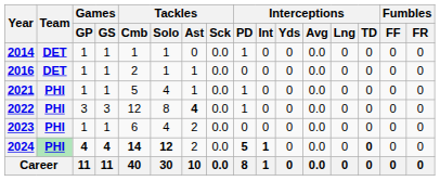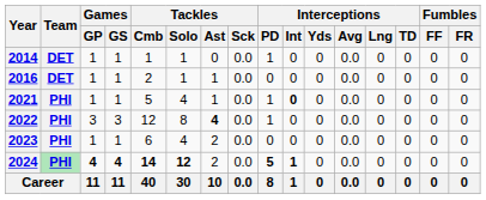 <table class= "wikitable" style="text-align: center;">
 <tr>
 <th rowspan="2">Year</th>
 <th rowspan="2">Team</th>
 <th colspan="2">Games</th>
 <th colspan="4">Tackles</th>
 <th colspan="6">Interceptions</th>
 <th colspan="2">Fumbles</th>
 </tr>
 <tr>
 <th>GP</th>
 <th>GS</th>
 <th>Cmb</th>
 <th>Solo</th>
 <th>Ast</th>
 <th>Sck</th>
 <th>PD</th>
 <th>Int</th>
 <th>Yds</th>
 <th>Avg</th>
 <th>Lng</th>
 <th>TD</th>
 <th>FF</th>
 <th>FR</th>
 </tr>
 <tr>
 <th><a href='#'>2014</a></th>
 <th><a href='#'>DET</a></th>
 <td>1</td>
 <td>1</td>
 <td>1</td>
 <td>1</td>
 <td>0</td>
 <td>0.0</td>
 <td>1</td>
 <td>0</td>
 <td>0</td>
 <td>0.0</td>
 <td>0</td>
 <td>0</td>
 <td>0</td>
 <td>0</td>
 </tr>
 <tr>
 <th><a href='#'>2016</a></th>
 <th><a href='#'>DET</a></th>
 <td>1</td>
 <td>1</td>
 <td>2</td>
 <td>1</td>
 <td>1</td>
 <td>0.0</td>
 <td>0</td>
 <td>0</td>
 <td>0</td>
 <td>0.0</td>
 <td>0</td>
 <td>0</td>
 <td>0</td>
 <td>0</td>
 </tr>
 <tr>
 <th><a href='#'>2021</a></th>
 <th><a href='#'>PHI</a></th>
 <td>1</td>
 <td>1</td>
 <td>5</td>
 <td>4</td>
 <td>1</td>
 <td>0.0</td>
 <td>1</td>
-<td>0</td>
+<td><strong>0</strong></td>
 <td>0</td>
 <td>0.0</td>
 <td>0</td>
 <td>0</td>
 <td>0</td>
 <td>0</td>
 </tr>
 <tr>
 <th><a href='#'>2022</a></th>
 <th><a href='#'>PHI</a></th>
 <td>3</td>
 <td>3</td>
 <td>12</td>
 <td>8</td>
 <td><strong>4</strong></td>
 <td>0.0</td>
 <td>1</td>
 <td>0</td>
 <td>0</td>
 <td>0.0</td>
 <td>0</td>
 <td>0</td>
 <td>0</td>
 <td>0</td>
 </tr>
 <tr>
 <th><a href='#'>2023</a></th>
 <th><a href='#'>PHI</a></th>
 <td>1</td>
 <td>1</td>
 <td>6</td>
 <td>4</td>
 <td>2</td>
 <td>0.0</td>
 <td>0</td>
 <td>0</td>
 <td>0</td>
 <td>0.0</td>
 <td>0</td>
 <td>0</td>
 <td>0</td>
 <td>0</td>
 </tr>
 <tr>
 <th><a href='#'>2024</a></th>
 <th style="background:#afe6ba;"><a href='#'>PHI</a></th>
 <td><strong>4</strong></td>
 <td><strong>4</strong></td>
 <td><strong>14</strong></td>
 <td><strong>12</strong></td>
 <td>2</td>
 <td>0.0</td>
 <td><strong>5</strong></td>
 <td><strong>1</strong></td>
 <td>0</td>
 <td>0.0</td>
 <td>0</td>
-<td><strong>0</strong></td>
+<td>0</td>
 <td>0</td>
 <td>0</td>
 </tr>
 <tr>
 <th colspan="2">Career</th>
 <th>11</th>
 <th>11</th>
 <th>40</th>
 <th>30</th>
 <th>10</th>
 <th>0.0</th>
 <th>8</th>
 <th>1</th>
 <th>0</th>
 <th>0.0</th>
 <th>0</th>
 <th>0</th>
 <th>0</th>
 <th>0</th>
 </tr>
 </table>
